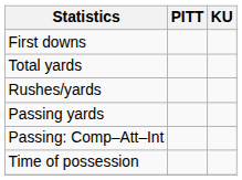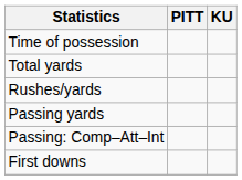 <table class="wikitable" style="float: left;">
 <tr>
 <th>Statistics</th>
 <th>PITT</th>
 <th>KU</th>
 </tr>
 <tr>
-<td>First downs</td>
+<td>Time of possession</td>
 <td></td>
 <td></td>
 </tr>
 <tr>
 <td>Total yards</td>
 <td></td>
 <td></td>
 </tr>
 <tr>
 <td>Rushes/yards</td>
 <td></td>
 <td></td>
 </tr>
 <tr>
 <td>Passing yards</td>
 <td></td>
 <td></td>
 </tr>
 <tr>
 <td>Passing: Comp–Att–Int</td>
 <td></td>
 <td></td>
 </tr>
 <tr>
-<td>Time of possession</td>
+<td>First downs</td>
 <td></td>
 <td></td>
 </tr>
 <tr>
 </tr>
 </table>
